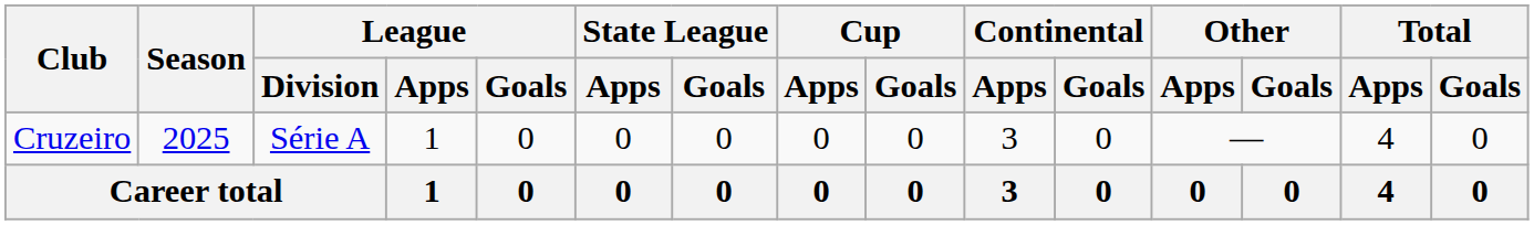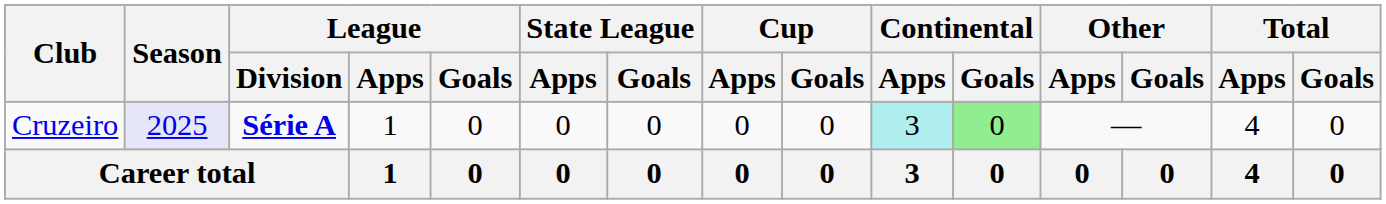 <table class="wikitable" style="text-align: center;">
 <tr>
 <th rowspan="2">Club</th>
 <th rowspan="2">Season</th>
 <th colspan="3">League</th>
 <th colspan="2">State League</th>
 <th colspan="2">Cup</th>
 <th colspan="2">Continental</th>
 <th colspan="2">Other</th>
 <th colspan="2">Total</th>
 </tr>
 <tr>
 <th>Division</th>
 <th>Apps</th>
 <th>Goals</th>
 <th>Apps</th>
 <th>Goals</th>
 <th>Apps</th>
 <th>Goals</th>
 <th>Apps</th>
 <th>Goals</th>
 <th>Apps</th>
 <th>Goals</th>
 <th>Apps</th>
 <th>Goals</th>
 </tr>
 <tr>
 <td><a href='#'>Cruzeiro</a></td>
-<td><a href='#'>2025</a></td>
-<td><a href='#'>Série A</a></td>
+<td style="background: lavender;"><a href='#'>2025</a></td>
+<td><strong><a href='#'>Série A</a></strong></td>
 <td>1</td>
 <td>0</td>
 <td>0</td>
 <td>0</td>
 <td>0</td>
 <td>0</td>
-<td>3</td>
-<td>0</td>
+<td style="background: paleturquoise;">3</td>
+<td style="background: lightgreen;">0</td>
 <td colspan="2">—</td>
 <td>4</td>
 <td>0</td>
 </tr>
 <tr>
 <th colspan="3"><strong>Career total</strong></th>
 <th>1</th>
 <th>0</th>
 <th>0</th>
 <th>0</th>
 <th>0</th>
 <th>0</th>
 <th>3</th>
 <th>0</th>
 <th>0</th>
 <th>0</th>
 <th>4</th>
 <th>0</th>
 </tr>
 </table>
